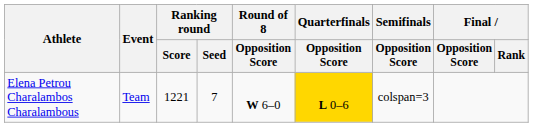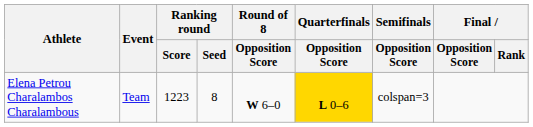 <table class="wikitable" style="font-size:90%">
 <tr>
 <th rowspan=2>Athlete</th>
 <th rowspan=2>Event</th>
 <th colspan="2">Ranking round</th>
 <th>Round of 8</th>
 <th>Quarterfinals</th>
 <th>Semifinals</th>
 <th colspan="2">Final / </th>
 </tr>
 <tr style="font-size:95%">
 <th>Score</th>
 <th>Seed</th>
 <th>Opposition<br>Score</th>
 <th>Opposition<br>Score</th>
 <th>Opposition<br>Score</th>
 <th>Opposition<br>Score</th>
 <th>Rank</th>
 </tr>
 <tr align=center>
 <td align=left><a href='#'>Elena Petrou</a><br><a href='#'>Charalambos Charalambous</a></td>
 <td align=left><a href='#'>Team</a></td>
-<td>1221</td>
-<td>7</td>
+<td>1223</td>
+<td>8</td>
 <td><br><strong>W</strong> 6–0</td>
 <td style="background: gold;"><br><strong>L</strong> 0–6</td>
 <td>colspan=3 </td>
 </tr>
 </table>
